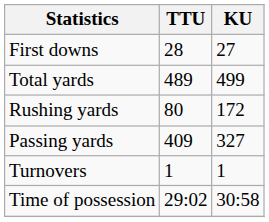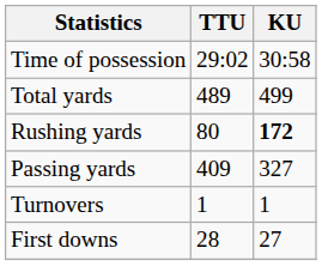 <table class="wikitable">
 <tr>
 <th>Statistics</th>
 <th>TTU</th>
 <th>KU</th>
 </tr>
 <tr>
-<td>First downs</td>
-<td>28</td>
-<td>27</td>
+<td>Time of possession</td>
+<td>29:02</td>
+<td>30:58</td>
 </tr>
 <tr>
 <td>Total yards</td>
 <td>489</td>
 <td>499</td>
 </tr>
 <tr>
 <td>Rushing yards</td>
 <td>80</td>
-<td>172</td>
+<td><strong>172</strong></td>
 </tr>
 <tr>
 <td>Passing yards</td>
 <td>409</td>
 <td>327</td>
 </tr>
 <tr>
 <td>Turnovers</td>
 <td>1</td>
 <td>1</td>
 </tr>
 <tr>
-<td>Time of possession</td>
-<td>29:02</td>
-<td>30:58</td>
+<td>First downs</td>
+<td>28</td>
+<td>27</td>
 </tr>
 <tr>
 </tr>
 </table>
